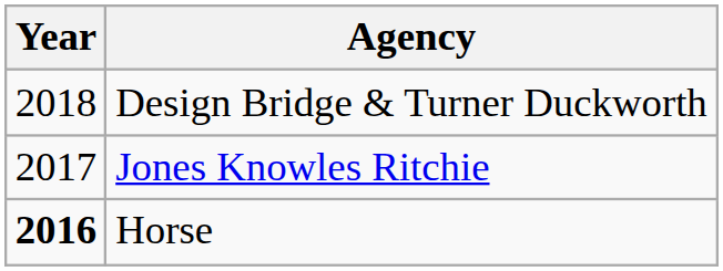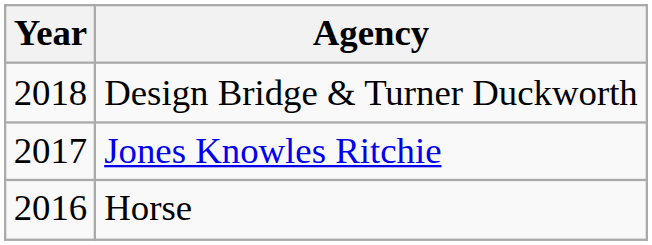 <table class="wikitable sortable">
 <tr>
 <th>Year</th>
 <th>Agency</th>
 </tr>
 <tr>
 <td>2018</td>
 <td>Design Bridge & Turner Duckworth</td>
 </tr>
 <tr>
 <td>2017</td>
 <td><a href='#'>Jones Knowles Ritchie</a></td>
 </tr>
 <tr>
-<td><strong>2016</strong></td>
+<td>2016</td>
 <td>Horse</td>
 </tr>
 </table>
